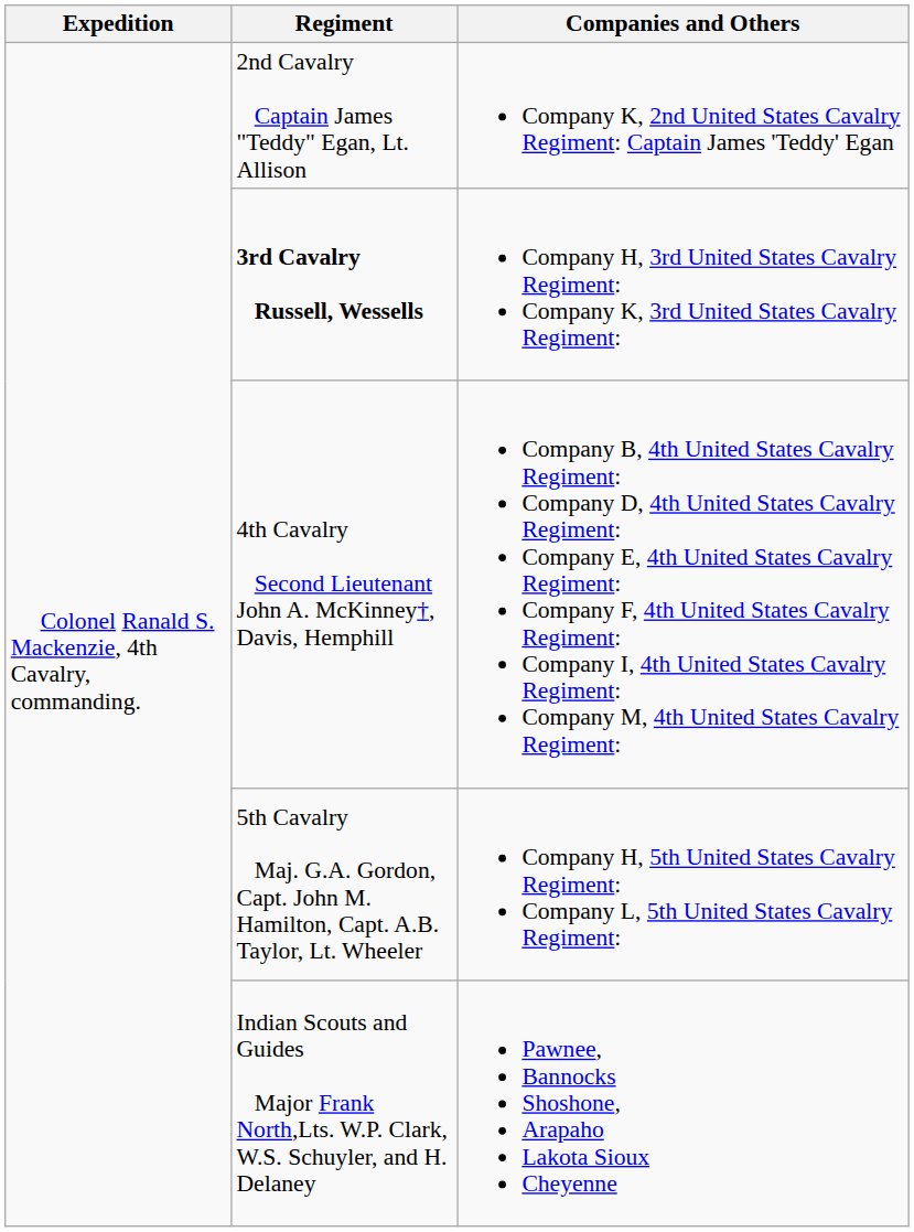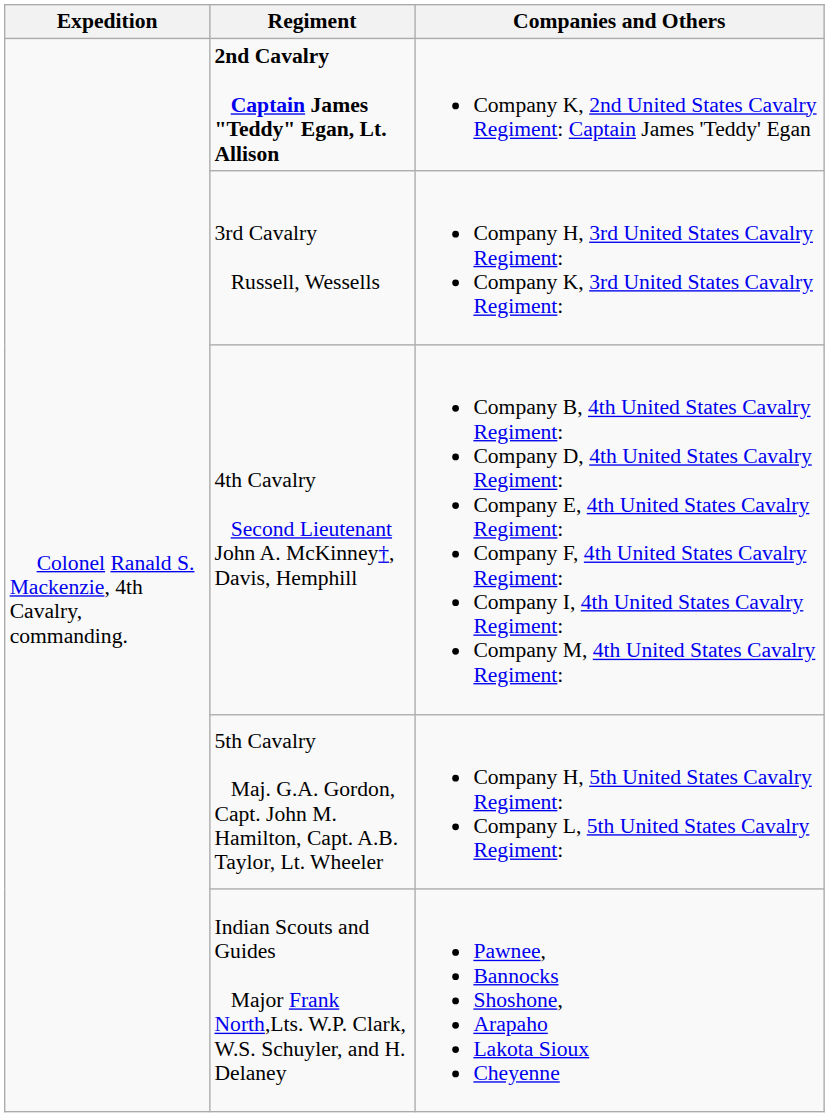 <table class="wikitable">
 <tr>
 <th width=25%>Expedition</th>
 <th width=25%>Regiment</th>
 <th>Companies and Others</th>
 </tr>
 <tr>
 <td rowspan=5><br><br>     <a href='#'>Colonel</a> <a href='#'>Ranald S. Mackenzie</a>, 4th Cavalry, commanding.</td>
-<td>2nd Cavalry<br><br>   <a href='#'>Captain</a> James "Teddy" Egan, Lt. Allison</td>
+<td><strong>2nd Cavalry<br><br>   <a href='#'>Captain</a> James "Teddy" Egan, Lt. Allison</strong></td>
 <td><br><ul><li>Company K, <a href='#'>2nd United States Cavalry Regiment</a>: <a href='#'>Captain</a> James 'Teddy' Egan</li></ul></td>
 </tr>
 <tr>
-<td><strong>3rd Cavalry<br><br>   Russell, Wessells</strong></td>
+<td>3rd Cavalry<br><br>   Russell, Wessells</td>
 <td><br><ul><li>Company H, <a href='#'>3rd United States Cavalry Regiment</a>:</li><li>Company K, <a href='#'>3rd United States Cavalry Regiment</a>:</li></ul></td>
 </tr>
 <tr>
 <td>4th Cavalry<br><br>   <a href='#'>Second Lieutenant</a> John A. McKinney<a href='#'>†</a>, Davis, Hemphill</td>
 <td><br><ul><li>Company B, <a href='#'>4th United States Cavalry Regiment</a>:</li><li>Company D, <a href='#'>4th United States Cavalry Regiment</a>:</li><li>Company E, <a href='#'>4th United States Cavalry Regiment</a>:</li><li>Company F, <a href='#'>4th United States Cavalry Regiment</a>:</li><li>Company I, <a href='#'>4th United States Cavalry Regiment</a>:</li><li>Company M, <a href='#'>4th United States Cavalry Regiment</a>:</li></ul></td>
 </tr>
 <tr>
 <td>5th Cavalry<br><br>   Maj. G.A. Gordon, Capt. John M. Hamilton, Capt. A.B. Taylor, Lt. Wheeler</td>
 <td><br><ul><li>Company H, <a href='#'>5th United States Cavalry Regiment</a>:</li><li>Company L, <a href='#'>5th United States Cavalry Regiment</a>:</li></ul></td>
 </tr>
 <tr>
 <td>Indian Scouts and Guides<br><br>   Major <a href='#'>Frank North</a>,Lts. W.P. Clark, W.S. Schuyler, and H. Delaney</td>
 <td><br><ul><li><a href='#'>Pawnee</a>,</li><li><a href='#'>Bannocks</a></li><li><a href='#'>Shoshone</a>,</li><li><a href='#'>Arapaho</a></li><li><a href='#'>Lakota Sioux</a></li><li><a href='#'>Cheyenne</a></li></ul></td>
 </tr>
 </table>
